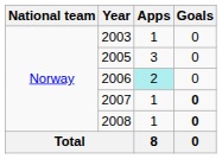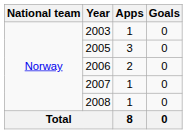 <table class="wikitable" style="text-align:center">
 <tr>
 <th>National team</th>
 <th>Year</th>
 <th>Apps</th>
 <th>Goals</th>
 </tr>
 <tr>
 <td rowspan="5"><a href='#'>Norway</a></td>
 <td>2003</td>
 <td>1</td>
 <td>0</td>
 </tr>
 <tr>
 <td>2005</td>
 <td>3</td>
 <td>0</td>
 </tr>
 <tr>
 <td>2006</td>
-<td style="background: paleturquoise;">2</td>
+<td>2</td>
 <td>0</td>
 </tr>
 <tr>
 <td>2007</td>
 <td>1</td>
-<td><strong>0</strong></td>
+<td>0</td>
 </tr>
 <tr>
 <td>2008</td>
 <td>1</td>
-<td><strong>0</strong></td>
+<td>0</td>
 </tr>
 <tr>
 <th colspan="2">Total</th>
 <th>8</th>
 <th>0</th>
 </tr>
 </table>
